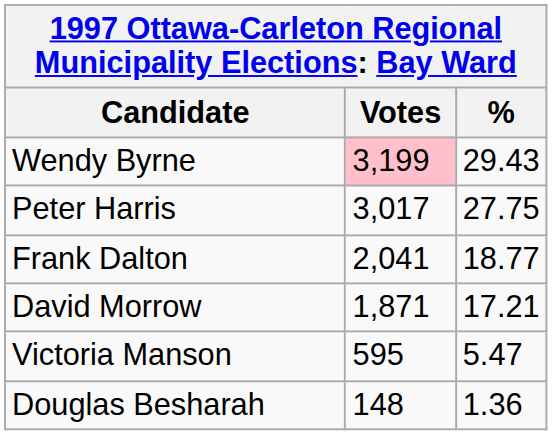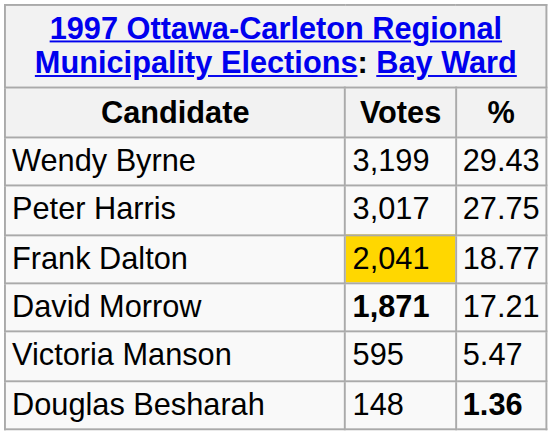 <table class="wikitable">
 <tr>
 <th colspan="3"><a href='#'>1997 Ottawa-Carleton Regional Municipality Elections</a>: <a href='#'>Bay Ward</a></th>
 </tr>
 <tr>
 <th style="width: 170px">Candidate</th>
 <th style="width: 50px">Votes</th>
 <th style="width: 40px">%</th>
 </tr>
 <tr>
 <td>Wendy Byrne</td>
-<td style="background: pink;">3,199</td>
+<td>3,199</td>
 <td>29.43</td>
 </tr>
 <tr>
 <td>Peter Harris</td>
 <td>3,017</td>
 <td>27.75</td>
 </tr>
 <tr>
 <td>Frank Dalton</td>
-<td>2,041</td>
+<td style="background: gold;">2,041</td>
 <td>18.77</td>
 </tr>
 <tr>
 <td>David Morrow</td>
-<td>1,871</td>
+<td><strong>1,871</strong></td>
 <td>17.21</td>
 </tr>
 <tr>
 <td>Victoria Manson</td>
 <td>595</td>
 <td>5.47</td>
 </tr>
 <tr>
 <td>Douglas Besharah</td>
 <td>148</td>
-<td>1.36</td>
+<td><strong>1.36</strong></td>
 </tr>
 </table>
